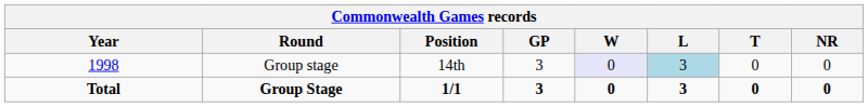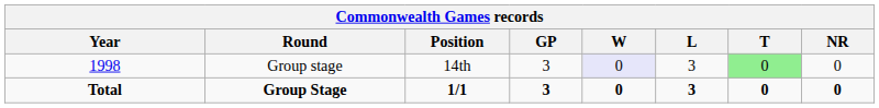 <table class="wikitable" style="text-align: center; width:900px">
 <tr>
 <th colspan="9"><a href='#'>Commonwealth Games</a> records</th>
 </tr>
 <tr>
 <th width=150>Year</th>
 <th width=150>Round</th>
 <th width=75>Position</th>
 <th width=50>GP</th>
 <th width=50>W</th>
 <th width=50>L</th>
 <th width=50>T</th>
 <th width=50>NR</th>
 </tr>
 <tr>
 <td> <a href='#'>1998</a></td>
 <td>Group stage</td>
 <td>14th</td>
 <td>3</td>
 <td style="background: lavender;">0</td>
-<td style="background: lightblue;">3</td>
-<td>0</td>
+<td>3</td>
+<td style="background: lightgreen;">0</td>
 <td>0</td>
 </tr>
 <tr>
 <td><strong>Total</strong></td>
 <td><strong>Group Stage</strong></td>
 <td><strong>1/1</strong></td>
 <td><strong>3</strong></td>
 <td><strong>0</strong></td>
 <td><strong>3</strong></td>
 <td><strong>0</strong></td>
 <td><strong>0</strong></td>
 </tr>
 </table>
